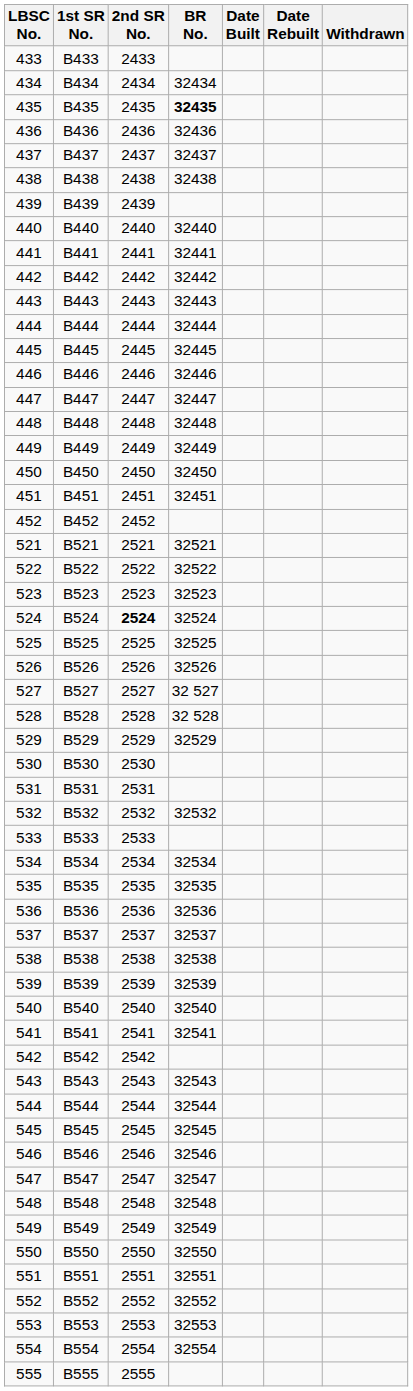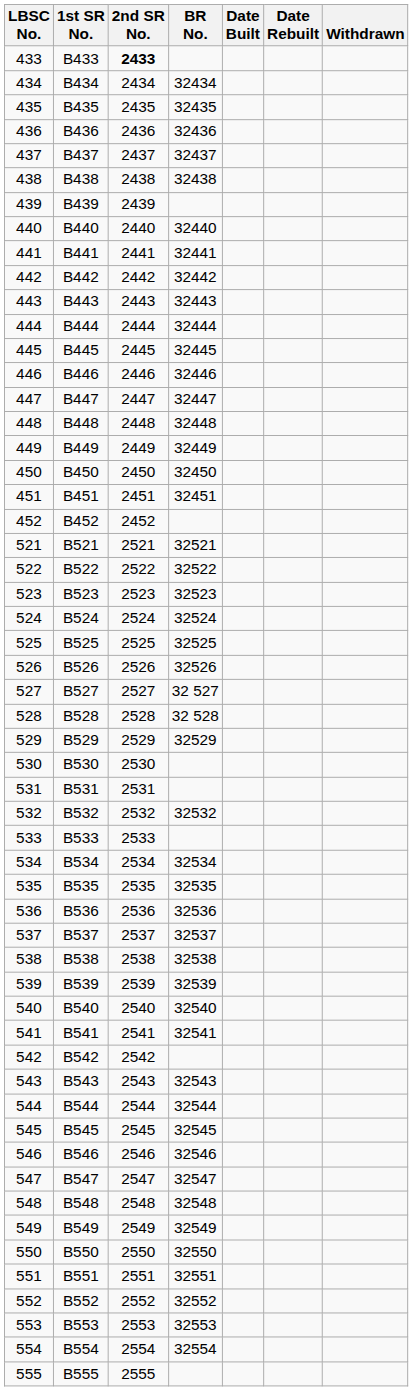 <table class="wikitable sortable collapsible collapsed" style=text-align:center>
 <tr>
 <th>LBSC<br>No.</th>
 <th>1st SR<br>No.</th>
 <th>2nd SR<br>No.</th>
 <th>BR<br>No.</th>
 <th>Date<br>Built</th>
 <th>Date<br>Rebuilt</th>
 <th><br>Withdrawn</th>
 </tr>
 <tr>
 <td>433</td>
 <td>B433</td>
-<td>2433</td>
+<td><strong>2433</strong></td>
 <td></td>
 <td></td>
 <td></td>
 <td></td>
 </tr>
 <tr>
 <td>434</td>
 <td>B434</td>
 <td>2434</td>
 <td>32434</td>
 <td></td>
 <td></td>
 <td></td>
 </tr>
 <tr>
 <td>435</td>
 <td>B435</td>
 <td>2435</td>
-<td><strong>32435</strong></td>
+<td>32435</td>
 <td></td>
 <td></td>
 <td></td>
 </tr>
 <tr>
 <td>436</td>
 <td>B436</td>
 <td>2436</td>
 <td>32436</td>
 <td></td>
 <td></td>
 <td></td>
 </tr>
 <tr>
 <td>437</td>
 <td>B437</td>
 <td>2437</td>
 <td>32437</td>
 <td></td>
 <td></td>
 <td></td>
 </tr>
 <tr>
 <td>438</td>
 <td>B438</td>
 <td>2438</td>
 <td>32438</td>
 <td></td>
 <td></td>
 <td></td>
 </tr>
 <tr>
 <td>439</td>
 <td>B439</td>
 <td>2439</td>
 <td></td>
 <td></td>
 <td></td>
 <td></td>
 </tr>
 <tr>
 <td>440</td>
 <td>B440</td>
 <td>2440</td>
 <td>32440</td>
 <td></td>
 <td></td>
 <td></td>
 </tr>
 <tr>
 <td>441</td>
 <td>B441</td>
 <td>2441</td>
 <td>32441</td>
 <td></td>
 <td></td>
 <td></td>
 </tr>
 <tr>
 <td>442</td>
 <td>B442</td>
 <td>2442</td>
 <td>32442</td>
 <td></td>
 <td></td>
 <td></td>
 </tr>
 <tr>
 <td>443</td>
 <td>B443</td>
 <td>2443</td>
 <td>32443</td>
 <td></td>
 <td></td>
 <td></td>
 </tr>
 <tr>
 <td>444</td>
 <td>B444</td>
 <td>2444</td>
 <td>32444</td>
 <td></td>
 <td></td>
 <td></td>
 </tr>
 <tr>
 <td>445</td>
 <td>B445</td>
 <td>2445</td>
 <td>32445</td>
 <td></td>
 <td></td>
 <td></td>
 </tr>
 <tr>
 <td>446</td>
 <td>B446</td>
 <td>2446</td>
 <td>32446</td>
 <td></td>
 <td></td>
 <td></td>
 </tr>
 <tr>
 <td>447</td>
 <td>B447</td>
 <td>2447</td>
 <td>32447</td>
 <td></td>
 <td></td>
 <td></td>
 </tr>
 <tr>
 <td>448</td>
 <td>B448</td>
 <td>2448</td>
 <td>32448</td>
 <td></td>
 <td></td>
 <td></td>
 </tr>
 <tr>
 <td>449</td>
 <td>B449</td>
 <td>2449</td>
 <td>32449</td>
 <td></td>
 <td></td>
 <td></td>
 </tr>
 <tr>
 <td>450</td>
 <td>B450</td>
 <td>2450</td>
 <td>32450</td>
 <td></td>
 <td></td>
 <td></td>
 </tr>
 <tr>
 <td>451</td>
 <td>B451</td>
 <td>2451</td>
 <td>32451</td>
 <td></td>
 <td></td>
 <td></td>
 </tr>
 <tr>
 <td>452</td>
 <td>B452</td>
 <td>2452</td>
 <td></td>
 <td></td>
 <td></td>
 <td></td>
 </tr>
 <tr>
 <td>521</td>
 <td>B521</td>
 <td>2521</td>
 <td>32521</td>
 <td></td>
 <td></td>
 <td></td>
 </tr>
 <tr>
 <td>522</td>
 <td>B522</td>
 <td>2522</td>
 <td>32522</td>
 <td></td>
 <td></td>
 <td></td>
 </tr>
 <tr>
 <td>523</td>
 <td>B523</td>
 <td>2523</td>
 <td>32523</td>
 <td></td>
 <td></td>
 <td></td>
 </tr>
 <tr>
 <td>524</td>
 <td>B524</td>
-<td><strong>2524</strong></td>
+<td>2524</td>
 <td>32524</td>
 <td></td>
 <td></td>
 <td></td>
 </tr>
 <tr>
 <td>525</td>
 <td>B525</td>
 <td>2525</td>
 <td>32525</td>
 <td></td>
 <td></td>
 <td></td>
 </tr>
 <tr>
 <td>526</td>
 <td>B526</td>
 <td>2526</td>
 <td>32526</td>
 <td></td>
 <td></td>
 <td></td>
 </tr>
 <tr>
 <td>527</td>
 <td>B527</td>
 <td>2527</td>
 <td>32 527</td>
 <td></td>
 <td></td>
 <td></td>
 </tr>
 <tr>
 <td>528</td>
 <td>B528</td>
 <td>2528</td>
 <td>32 528</td>
 <td></td>
 <td></td>
 <td></td>
 </tr>
 <tr>
 <td>529</td>
 <td>B529</td>
 <td>2529</td>
 <td>32529</td>
 <td></td>
 <td></td>
 <td></td>
 </tr>
 <tr>
 <td>530</td>
 <td>B530</td>
 <td>2530</td>
 <td></td>
 <td></td>
 <td></td>
 <td></td>
 </tr>
 <tr>
 <td>531</td>
 <td>B531</td>
 <td>2531</td>
 <td></td>
 <td></td>
 <td></td>
 <td></td>
 </tr>
 <tr>
 <td>532</td>
 <td>B532</td>
 <td>2532</td>
 <td>32532</td>
 <td></td>
 <td></td>
 <td></td>
 </tr>
 <tr>
 <td>533</td>
 <td>B533</td>
 <td>2533</td>
 <td></td>
 <td></td>
 <td></td>
 <td></td>
 </tr>
 <tr>
 <td>534</td>
 <td>B534</td>
 <td>2534</td>
 <td>32534</td>
 <td></td>
 <td></td>
 <td></td>
 </tr>
 <tr>
 <td>535</td>
 <td>B535</td>
 <td>2535</td>
 <td>32535</td>
 <td></td>
 <td></td>
 <td></td>
 </tr>
 <tr>
 <td>536</td>
 <td>B536</td>
 <td>2536</td>
 <td>32536</td>
 <td></td>
 <td></td>
 <td></td>
 </tr>
 <tr>
 <td>537</td>
 <td>B537</td>
 <td>2537</td>
 <td>32537</td>
 <td></td>
 <td></td>
 <td></td>
 </tr>
 <tr>
 <td>538</td>
 <td>B538</td>
 <td>2538</td>
 <td>32538</td>
 <td></td>
 <td></td>
 <td></td>
 </tr>
 <tr>
 <td>539</td>
 <td>B539</td>
 <td>2539</td>
 <td>32539</td>
 <td></td>
 <td></td>
 <td></td>
 </tr>
 <tr>
 <td>540</td>
 <td>B540</td>
 <td>2540</td>
 <td>32540</td>
 <td></td>
 <td></td>
 <td></td>
 </tr>
 <tr>
 <td>541</td>
 <td>B541</td>
 <td>2541</td>
 <td>32541</td>
 <td></td>
 <td></td>
 <td></td>
 </tr>
 <tr>
 <td>542</td>
 <td>B542</td>
 <td>2542</td>
 <td></td>
 <td></td>
 <td></td>
 <td></td>
 </tr>
 <tr>
 <td>543</td>
 <td>B543</td>
 <td>2543</td>
 <td>32543</td>
 <td></td>
 <td></td>
 <td></td>
 </tr>
 <tr>
 <td>544</td>
 <td>B544</td>
 <td>2544</td>
 <td>32544</td>
 <td></td>
 <td></td>
 <td></td>
 </tr>
 <tr>
 <td>545</td>
 <td>B545</td>
 <td>2545</td>
 <td>32545</td>
 <td></td>
 <td></td>
 <td></td>
 </tr>
 <tr>
 <td>546</td>
 <td>B546</td>
 <td>2546</td>
 <td>32546</td>
 <td></td>
 <td></td>
 <td></td>
 </tr>
 <tr>
 <td>547</td>
 <td>B547</td>
 <td>2547</td>
 <td>32547</td>
 <td></td>
 <td></td>
 <td></td>
 </tr>
 <tr>
 <td>548</td>
 <td>B548</td>
 <td>2548</td>
 <td>32548</td>
 <td></td>
 <td></td>
 <td></td>
 </tr>
 <tr>
 <td>549</td>
 <td>B549</td>
 <td>2549</td>
 <td>32549</td>
 <td></td>
 <td></td>
 <td></td>
 </tr>
 <tr>
 <td>550</td>
 <td>B550</td>
 <td>2550</td>
 <td>32550</td>
 <td></td>
 <td></td>
 <td></td>
 </tr>
 <tr>
 <td>551</td>
 <td>B551</td>
 <td>2551</td>
 <td>32551</td>
 <td></td>
 <td></td>
 <td></td>
 </tr>
 <tr>
 <td>552</td>
 <td>B552</td>
 <td>2552</td>
 <td>32552</td>
 <td></td>
 <td></td>
 <td></td>
 </tr>
 <tr>
 <td>553</td>
 <td>B553</td>
 <td>2553</td>
 <td>32553</td>
 <td></td>
 <td></td>
 <td></td>
 </tr>
 <tr>
 <td>554</td>
 <td>B554</td>
 <td>2554</td>
 <td>32554</td>
 <td></td>
 <td></td>
 <td></td>
 </tr>
 <tr>
 <td>555</td>
 <td>B555</td>
 <td>2555</td>
 <td></td>
 <td></td>
 <td></td>
 <td></td>
 </tr>
 </table>
